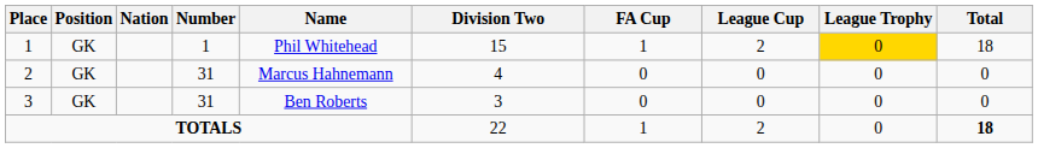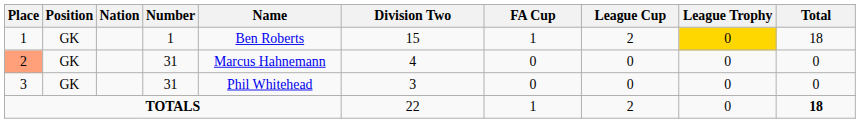 <table class="wikitable" style="font-size: 95%; text-align: center;">
 <tr>
 <th width=20>Place</th>
 <th width=20>Position</th>
 <th width=20>Nation</th>
 <th width=20>Number</th>
 <th width=150>Name</th>
 <th width=150>Division Two</th>
 <th width=100>FA Cup</th>
 <th width=100>League Cup</th>
 <th width=100>League Trophy</th>
 <th width=80><strong>Total</strong></th>
 </tr>
 <tr>
 <td>1</td>
 <td>GK</td>
 <td></td>
 <td>1</td>
-<td><a href='#'>Phil Whitehead</a></td>
+<td><a href='#'>Ben Roberts</a></td>
 <td>15</td>
 <td>1</td>
 <td>2</td>
 <td style="background: gold;">0</td>
 <td>18</td>
 </tr>
 <tr>
-<td>2</td>
+<td style="background: lightsalmon;">2</td>
 <td>GK</td>
 <td></td>
 <td>31</td>
 <td><a href='#'>Marcus Hahnemann</a></td>
 <td>4</td>
 <td>0</td>
 <td>0</td>
 <td>0</td>
 <td>0</td>
 </tr>
 <tr>
 <td>3</td>
 <td>GK</td>
 <td></td>
 <td>31</td>
-<td><a href='#'>Ben Roberts</a></td>
+<td><a href='#'>Phil Whitehead</a></td>
 <td>3</td>
 <td>0</td>
 <td>0</td>
 <td>0</td>
 <td>0</td>
 </tr>
 <tr>
 <td colspan="5"><strong>TOTALS</strong></td>
 <td>22</td>
 <td>1</td>
 <td>2</td>
 <td>0</td>
 <td><strong>18</strong></td>
 </tr>
 </table>
